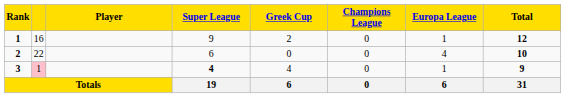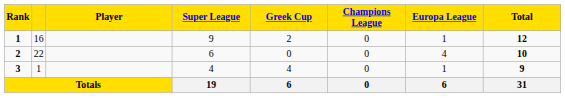 <table class="wikitable sortable" style="text-align:center">
 <tr>
 <th style="background:#FFDE00">Rank</th>
 <th style="background:#FFDE00"></th>
 <th width=200 style="background:#FFDE00">Player</th>
 <th width=120 style="background:#FFDE00"><a href='#'>Super League</a></th>
 <th width=120 style="background:#FFDE00"><a href='#'>Greek Cup</a></th>
 <th width=120 style="background:#FFDE00"><a href='#'>Champions League</a></th>
 <th width=120 style="background:#FFDE00"><a href='#'>Europa League</a></th>
 <th width=120 style="background:#FFDE00">Total</th>
 </tr>
 <tr>
 <td><strong>1</strong></td>
 <td>16</td>
 <td align=left></td>
 <td>9</td>
 <td>2</td>
 <td>0</td>
 <td>1</td>
 <td><strong>12</strong></td>
 </tr>
 <tr>
 <td><strong>2</strong></td>
 <td>22</td>
 <td align=left></td>
 <td>6</td>
 <td>0</td>
 <td>0</td>
 <td>4</td>
 <td><strong>10</strong></td>
 </tr>
 <tr>
 <td><strong>3</strong></td>
-<td style="background: pink;">1</td>
+<td>1</td>
 <td align=left></td>
-<td><strong>4</strong></td>
+<td>4</td>
 <td>4</td>
 <td>0</td>
 <td>1</td>
 <td><strong>9</strong></td>
 </tr>
 <tr class="sortbottom">
 <th colspan=3 style="background:#FFDE00"><strong>Totals</strong></th>
 <th><strong>19</strong></th>
 <th><strong> 6</strong></th>
 <th><strong> 0</strong></th>
 <th><strong> 6</strong></th>
 <th><strong>31</strong></th>
 </tr>
 </table>
